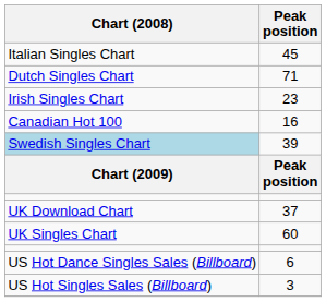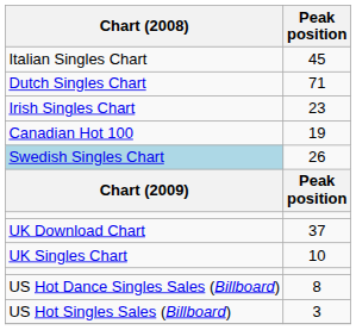 <table class="wikitable">
 <tr>
 <th>Chart (2008)</th>
 <th>Peak<br>position</th>
 </tr>
 <tr>
 <td>Italian Singles Chart</td>
 <td align="center">45</td>
 </tr>
 <tr>
 <td><a href='#'>Dutch Singles Chart</a></td>
 <td align="center">71</td>
 </tr>
 <tr>
 <td><a href='#'>Irish Singles Chart</a></td>
 <td align="center">23</td>
 </tr>
 <tr>
 <td><a href='#'>Canadian Hot 100</a></td>
-<td align="center">16</td>
+<td align="center">19</td>
 </tr>
 <tr>
 <td style="background: lightblue;"><a href='#'>Swedish Singles Chart</a></td>
-<td align="center">39</td>
+<td align="center">26</td>
 </tr>
 <tr>
 <th>Chart (2009)</th>
 <th>Peak<br>position</th>
 </tr>
 <tr>
 <td></td>
 </tr>
 <tr>
 <td><a href='#'>UK Download Chart</a></td>
 <td align="center">37</td>
 </tr>
 <tr>
 <td><a href='#'>UK Singles Chart</a></td>
-<td align="center">60</td>
+<td align="center">10</td>
 </tr>
 <tr>
 <td></td>
 </tr>
 <tr>
 <td>US <a href='#'>Hot Dance Singles Sales</a> (<em><a href='#'>Billboard</a></em>)</td>
-<td align="center">6</td>
+<td align="center">8</td>
 </tr>
 <tr>
 <td>US <a href='#'>Hot Singles Sales</a> (<em><a href='#'>Billboard</a></em>)</td>
 <td align="center">3</td>
 </tr>
 <tr>
 </tr>
 </table>
